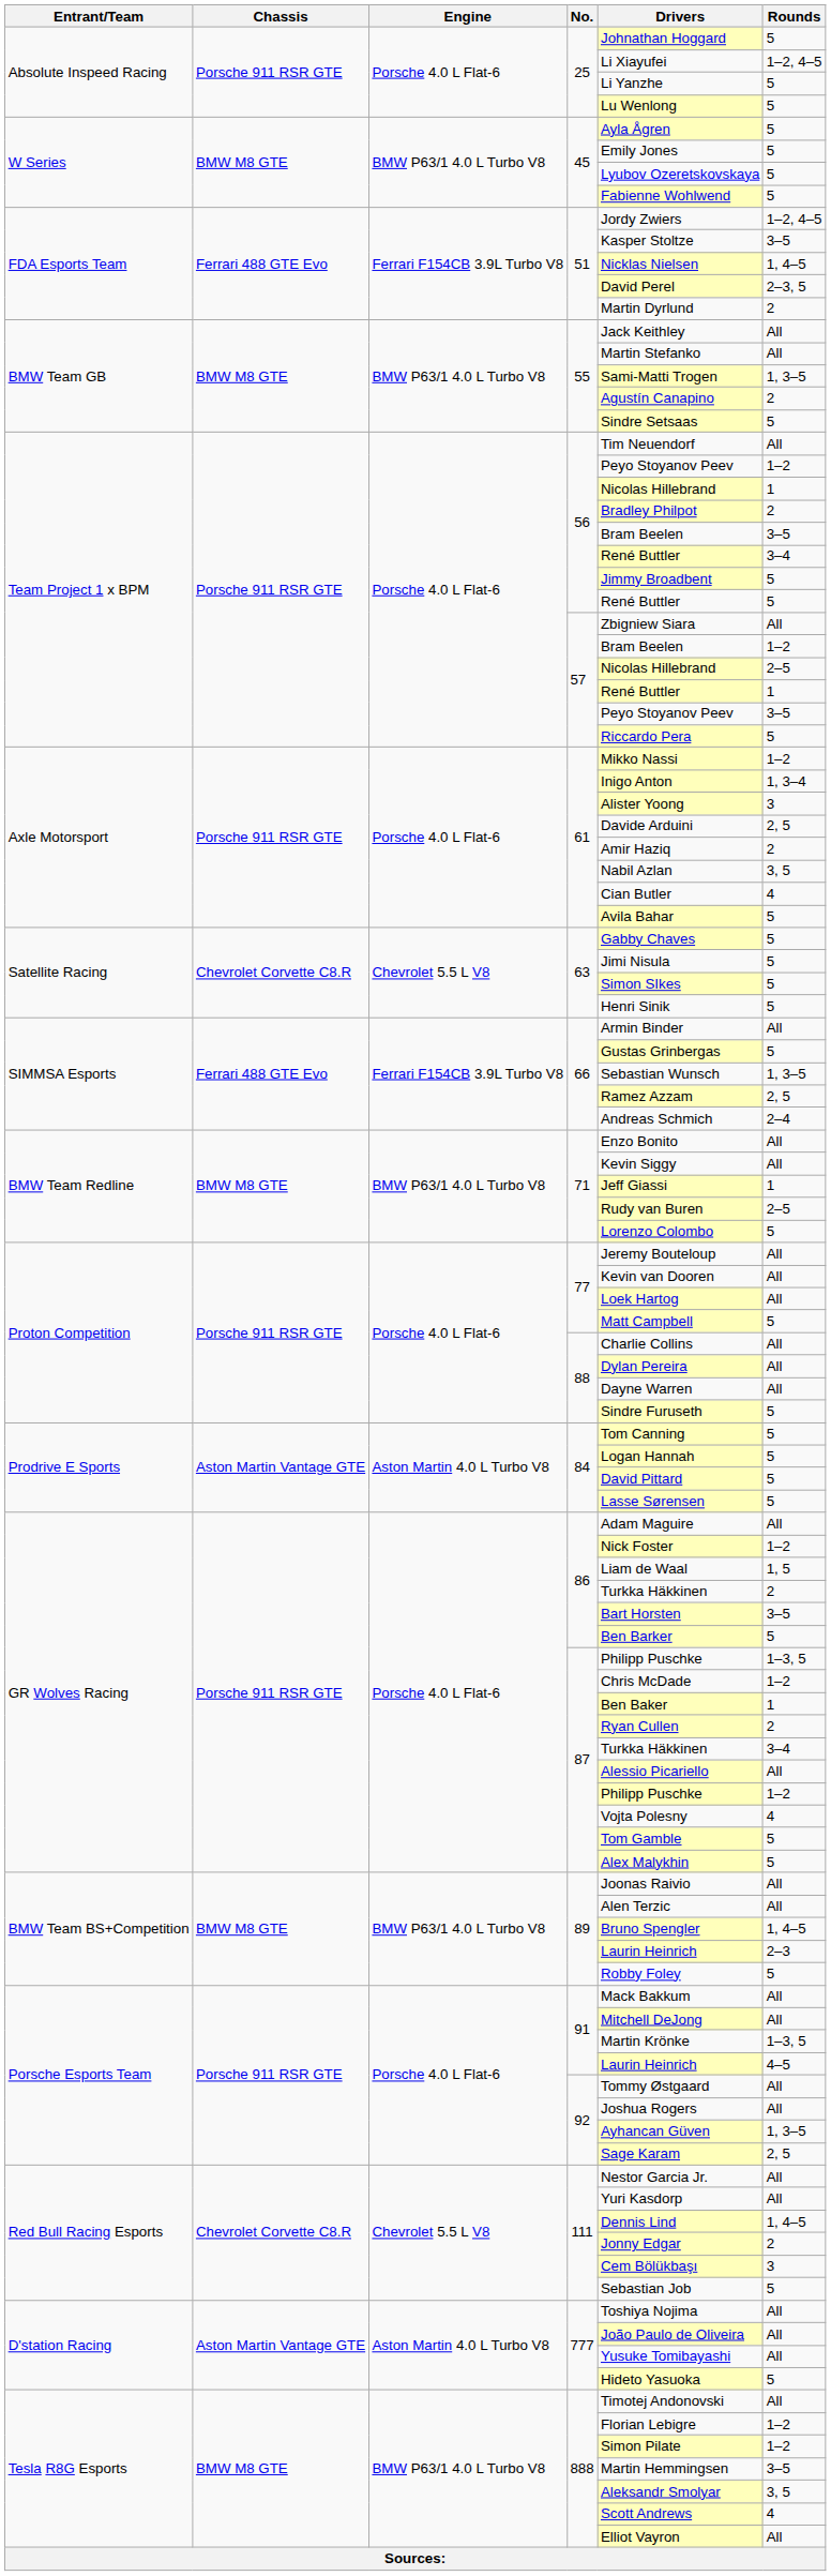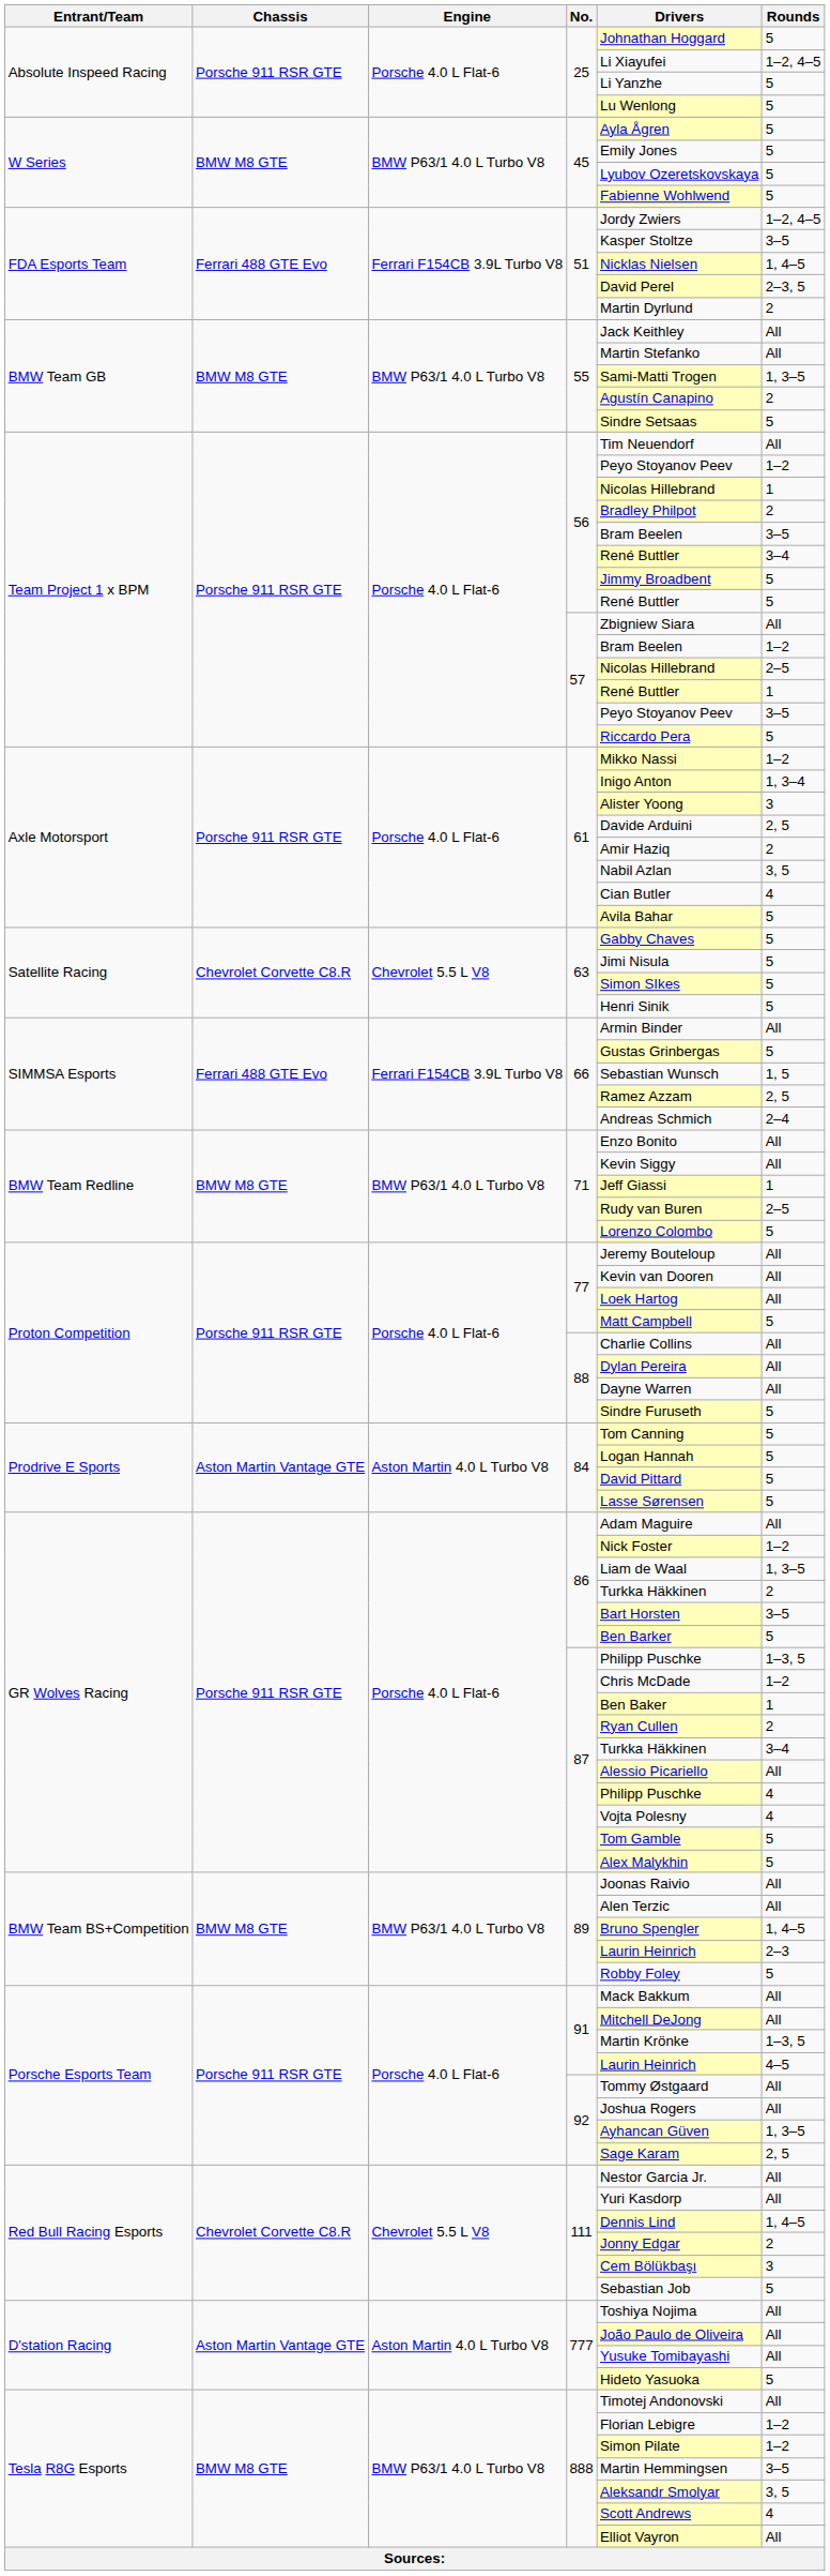 <table class="wikitable" style="font-size: 85%;">
 <tr>
 <th>Entrant/Team</th>
 <th>Chassis</th>
 <th>Engine</th>
 <th>No.</th>
 <th>Drivers</th>
 <th>Rounds</th>
 </tr>
 <tr>
 <td rowspan="4"> Absolute Inspeed Racing</td>
 <td rowspan="4"><a href='#'>Porsche 911 RSR GTE</a></td>
 <td rowspan="4"><a href='#'>Porsche</a> 4.0 L Flat-6</td>
 <td rowspan="4" align="center">25</td>
 <td style="background:#ffffbb;"> <a href='#'>Johnathan Hoggard</a></td>
 <td>5</td>
 </tr>
 <tr>
 <td> Li Xiayufei</td>
 <td>1–2, 4–5</td>
 </tr>
 <tr>
 <td> Li Yanzhe</td>
 <td>5</td>
 </tr>
 <tr>
 <td style="background:#ffffbb;"> Lu Wenlong</td>
 <td>5</td>
 </tr>
 <tr>
 <td rowspan="4"> <a href='#'>W Series</a></td>
 <td rowspan="4"><a href='#'>BMW M8 GTE</a></td>
 <td rowspan="4"><a href='#'>BMW</a> P63/1 4.0 L Turbo V8</td>
 <td rowspan="4" align="center">45</td>
 <td style="background:#ffffbb;"> <a href='#'>Ayla Ågren</a></td>
 <td>5</td>
 </tr>
 <tr>
 <td> Emily Jones</td>
 <td>5</td>
 </tr>
 <tr>
 <td> <a href='#'>Lyubov Ozeretskovskaya</a></td>
 <td>5</td>
 </tr>
 <tr>
 <td style="background:#ffffbb;"> <a href='#'>Fabienne Wohlwend</a></td>
 <td>5</td>
 </tr>
 <tr>
 <td rowspan="5"> <a href='#'>FDA Esports Team</a></td>
 <td rowspan="5"><a href='#'>Ferrari 488 GTE Evo</a></td>
 <td rowspan="5"><a href='#'>Ferrari F154CB</a> 3.9L Turbo V8</td>
 <td rowspan="5" align="center">51</td>
 <td> Jordy Zwiers</td>
 <td>1–2, 4–5</td>
 </tr>
 <tr>
 <td> Kasper Stoltze</td>
 <td>3–5</td>
 </tr>
 <tr>
 <td style="background:#ffffbb;"> <a href='#'>Nicklas Nielsen</a></td>
 <td>1, 4–5</td>
 </tr>
 <tr>
 <td style="background:#ffffbb;"> David Perel</td>
 <td>2–3, 5</td>
 </tr>
 <tr>
 <td> Martin Dyrlund</td>
 <td>2</td>
 </tr>
 <tr>
 <td rowspan="5"> <a href='#'>BMW</a> Team GB</td>
 <td rowspan="5"><a href='#'>BMW M8 GTE</a></td>
 <td rowspan="5"><a href='#'>BMW</a> P63/1 4.0 L Turbo V8</td>
 <td rowspan="5" align="center">55</td>
 <td> Jack Keithley</td>
 <td>All</td>
 </tr>
 <tr>
 <td> Martin Stefanko</td>
 <td>All</td>
 </tr>
 <tr>
 <td style="background:#ffffbb;"> Sami-Matti Trogen</td>
 <td>1, 3–5</td>
 </tr>
 <tr>
 <td style="background:#ffffbb;"> <a href='#'>Agustín Canapino</a></td>
 <td>2</td>
 </tr>
 <tr>
 <td style="background:#ffffbb;"> Sindre Setsaas</td>
 <td>5</td>
 </tr>
 <tr>
 <td rowspan="14"> <a href='#'>Team Project 1</a> x BPM</td>
 <td rowspan="14"><a href='#'>Porsche 911 RSR GTE</a></td>
 <td rowspan="14"><a href='#'>Porsche</a> 4.0 L Flat-6</td>
 <td rowspan="8" align="center">56</td>
 <td> Tim Neuendorf</td>
 <td>All</td>
 </tr>
 <tr>
 <td> Peyo Stoyanov Peev</td>
 <td>1–2</td>
 </tr>
 <tr>
 <td style="background:#ffffbb;"> Nicolas Hillebrand</td>
 <td>1</td>
 </tr>
 <tr>
 <td style="background:#ffffbb;"> <a href='#'>Bradley Philpot</a></td>
 <td>2</td>
 </tr>
 <tr>
 <td> Bram Beelen</td>
 <td>3–5</td>
 </tr>
 <tr>
 <td style="background:#ffffbb;"> René Buttler</td>
 <td>3–4</td>
 </tr>
 <tr>
 <td style="background:#ffffbb;"> <a href='#'>Jimmy Broadbent</a></td>
 <td>5</td>
 </tr>
 <tr>
 <td> René Buttler</td>
 <td>5</td>
 </tr>
 <tr>
 <td rowspan="6">57</td>
 <td> Zbigniew Siara</td>
 <td>All</td>
 </tr>
 <tr>
 <td> Bram Beelen</td>
 <td>1–2</td>
 </tr>
 <tr>
 <td style="background:#ffffbb;"> Nicolas Hillebrand</td>
 <td>2–5</td>
 </tr>
 <tr>
 <td style="background:#ffffbb;"> René Buttler</td>
 <td>1</td>
 </tr>
 <tr>
 <td> Peyo Stoyanov Peev</td>
 <td>3–5</td>
 </tr>
 <tr>
 <td style="background:#ffffbb;"> <a href='#'>Riccardo Pera</a></td>
 <td>5</td>
 </tr>
 <tr>
 <td rowspan="8"> Axle Motorsport</td>
 <td rowspan="8"><a href='#'>Porsche 911 RSR GTE</a></td>
 <td rowspan="8"><a href='#'>Porsche</a> 4.0 L Flat-6</td>
 <td rowspan="8" align="center">61</td>
 <td style="background:#ffffbb;"> Mikko Nassi</td>
 <td>1–2</td>
 </tr>
 <tr>
 <td style="background:#ffffbb;"> Inigo Anton</td>
 <td>1, 3–4</td>
 </tr>
 <tr>
 <td style="background:#ffffbb;"> Alister Yoong</td>
 <td>3</td>
 </tr>
 <tr>
 <td> Davide Arduini</td>
 <td>2, 5</td>
 </tr>
 <tr>
 <td> Amir Haziq</td>
 <td>2</td>
 </tr>
 <tr>
 <td> Nabil Azlan</td>
 <td>3, 5</td>
 </tr>
 <tr>
 <td> Cian Butler</td>
 <td>4</td>
 </tr>
 <tr>
 <td style="background:#ffffbb;"> Avila Bahar</td>
 <td>5</td>
 </tr>
 <tr>
 <td rowspan="4"> Satellite Racing</td>
 <td rowspan="4"><a href='#'>Chevrolet Corvette C8.R</a></td>
 <td rowspan="4"><a href='#'>Chevrolet</a> 5.5 L  <a href='#'>V8</a></td>
 <td rowspan="4"  align="center">63</td>
 <td style="background:#ffffbb;"> <a href='#'>Gabby Chaves</a></td>
 <td>5</td>
 </tr>
 <tr>
 <td> Jimi Nisula</td>
 <td>5</td>
 </tr>
 <tr>
 <td style="background:#ffffbb;"> <a href='#'>Simon SIkes</a></td>
 <td>5</td>
 </tr>
 <tr>
 <td> Henri Sinik</td>
 <td>5</td>
 </tr>
 <tr>
 <td rowspan="5"> SIMMSA Esports</td>
 <td rowspan="5"><a href='#'>Ferrari 488 GTE Evo</a></td>
 <td rowspan="5"><a href='#'>Ferrari F154CB</a> 3.9L Turbo V8</td>
 <td rowspan="5" align="center">66</td>
 <td> Armin Binder</td>
 <td>All</td>
 </tr>
 <tr>
 <td style="background:#ffffbb;"> Gustas Grinbergas</td>
 <td>5</td>
 </tr>
 <tr>
 <td> Sebastian Wunsch</td>
-<td>1, 3–5</td>
+<td>1, 5</td>
 </tr>
 <tr>
 <td style="background:#ffffbb;"> Ramez Azzam</td>
 <td>2, 5</td>
 </tr>
 <tr>
 <td> Andreas Schmich</td>
 <td>2–4</td>
 </tr>
 <tr>
 <td rowspan="5"> <a href='#'>BMW</a> Team Redline</td>
 <td rowspan="5"><a href='#'>BMW M8 GTE</a></td>
 <td rowspan="5"><a href='#'>BMW</a> P63/1 4.0 L Turbo V8</td>
 <td rowspan="5" align="center">71</td>
 <td> Enzo Bonito</td>
 <td>All</td>
 </tr>
 <tr>
 <td> Kevin Siggy</td>
 <td>All</td>
 </tr>
 <tr>
 <td style="background:#ffffbb;"> Jeff Giassi</td>
 <td>1</td>
 </tr>
 <tr>
 <td style="background:#ffffbb;"> Rudy van Buren</td>
 <td>2–5</td>
 </tr>
 <tr>
 <td style="background:#ffffbb;"> <a href='#'>Lorenzo Colombo</a></td>
 <td>5</td>
 </tr>
 <tr>
 <td rowspan="8"> <a href='#'>Proton Competition</a></td>
 <td rowspan="8"><a href='#'>Porsche 911 RSR GTE</a></td>
 <td rowspan="8"><a href='#'>Porsche</a> 4.0 L Flat-6</td>
 <td rowspan="4" align="center">77</td>
 <td> Jeremy Bouteloup</td>
 <td>All</td>
 </tr>
 <tr>
 <td> Kevin van Dooren</td>
 <td>All</td>
 </tr>
 <tr>
 <td style="background:#ffffbb;"> <a href='#'>Loek Hartog</a></td>
 <td>All</td>
 </tr>
 <tr>
 <td style="background:#ffffbb;"> <a href='#'>Matt Campbell</a></td>
 <td>5</td>
 </tr>
 <tr>
 <td rowspan="4" align="center">88</td>
 <td> Charlie Collins</td>
 <td>All</td>
 </tr>
 <tr>
 <td style="background:#ffffbb;"> <a href='#'>Dylan Pereira</a></td>
 <td>All</td>
 </tr>
 <tr>
 <td> Dayne Warren</td>
 <td>All</td>
 </tr>
 <tr>
 <td style="background:#ffffbb;"> Sindre Furuseth</td>
 <td>5</td>
 </tr>
 <tr>
 <td rowspan="4"> <a href='#'>Prodrive E Sports</a></td>
 <td rowspan="4"><a href='#'>Aston Martin Vantage GTE</a></td>
 <td rowspan="4"><a href='#'>Aston Martin</a> 4.0 L Turbo V8</td>
 <td rowspan="4" align="center">84</td>
 <td style="background:#ffffbb;"> Tom Canning</td>
 <td>5</td>
 </tr>
 <tr>
 <td style="background:#ffffbb;"> Logan Hannah</td>
 <td>5</td>
 </tr>
 <tr>
 <td style="background:#ffffbb;"> <a href='#'>David Pittard</a></td>
 <td>5</td>
 </tr>
 <tr>
 <td style="background:#ffffbb;"> <a href='#'>Lasse Sørensen</a></td>
 <td>5</td>
 </tr>
 <tr>
 <td rowspan="16"> GR <a href='#'>Wolves</a> Racing</td>
 <td rowspan="16"><a href='#'>Porsche 911 RSR GTE</a></td>
 <td rowspan="16"><a href='#'>Porsche</a> 4.0 L Flat-6</td>
 <td rowspan="6" align="center">86</td>
 <td> Adam Maguire</td>
 <td>All</td>
 </tr>
 <tr>
 <td style="background:#ffffbb;"> Nick Foster</td>
 <td>1–2</td>
 </tr>
 <tr>
 <td> Liam de Waal</td>
-<td>1, 5</td>
+<td>1, 3–5</td>
 </tr>
 <tr>
 <td> Turkka Häkkinen</td>
 <td>2</td>
 </tr>
 <tr>
 <td style="background:#ffffbb;"> <a href='#'>Bart Horsten</a></td>
 <td>3–5</td>
 </tr>
 <tr>
 <td style="background:#ffffbb;"> <a href='#'>Ben Barker</a></td>
 <td>5</td>
 </tr>
 <tr>
 <td rowspan="10" align="center">87</td>
 <td> Philipp Puschke</td>
 <td>1–3, 5</td>
 </tr>
 <tr>
 <td> Chris McDade</td>
 <td>1–2</td>
 </tr>
 <tr>
 <td style="background:#ffffbb;"> Ben Baker</td>
 <td>1</td>
 </tr>
 <tr>
 <td style="background:#ffffbb;"> <a href='#'>Ryan Cullen</a></td>
 <td>2</td>
 </tr>
 <tr>
 <td> Turkka Häkkinen</td>
 <td>3–4</td>
 </tr>
 <tr>
 <td style="background:#ffffbb;"> <a href='#'>Alessio Picariello</a></td>
 <td>All</td>
 </tr>
 <tr>
 <td style="background:#ffffbb;"> Philipp Puschke</td>
-<td>1–2</td>
+<td>4</td>
 </tr>
 <tr>
 <td> Vojta Polesny</td>
 <td>4</td>
 </tr>
 <tr>
 <td style="background:#ffffbb;"> <a href='#'>Tom Gamble</a></td>
 <td>5</td>
 </tr>
 <tr>
 <td style="background:#ffffbb;"> <a href='#'>Alex Malykhin</a></td>
 <td>5</td>
 </tr>
 <tr>
 <td rowspan="5"> <a href='#'>BMW</a> Team BS+Competition</td>
 <td rowspan="5"><a href='#'>BMW M8 GTE</a></td>
 <td rowspan="5"><a href='#'>BMW</a> P63/1 4.0 L Turbo V8</td>
 <td rowspan="5" align="center">89</td>
 <td> Joonas Raivio</td>
 <td>All</td>
 </tr>
 <tr>
 <td> Alen Terzic</td>
 <td>All</td>
 </tr>
 <tr>
 <td style="background:#ffffbb;"> <a href='#'>Bruno Spengler</a></td>
 <td>1, 4–5</td>
 </tr>
 <tr>
 <td style="background:#ffffbb;"> <a href='#'>Laurin Heinrich</a></td>
 <td>2–3</td>
 </tr>
 <tr>
 <td> <a href='#'>Robby Foley</a></td>
 <td>5</td>
 </tr>
 <tr>
 <td rowspan="8"> <a href='#'>Porsche Esports Team</a></td>
 <td rowspan="8"><a href='#'>Porsche 911 RSR GTE</a></td>
 <td rowspan="8"><a href='#'>Porsche</a> 4.0 L Flat-6</td>
 <td rowspan="4" align="center">91</td>
 <td> Mack Bakkum</td>
 <td>All</td>
 </tr>
 <tr>
 <td style="background:#ffffbb;"> <a href='#'>Mitchell DeJong</a></td>
 <td>All</td>
 </tr>
 <tr>
 <td> Martin Krönke</td>
 <td>1–3, 5</td>
 </tr>
 <tr>
 <td style="background:#ffffbb;"> <a href='#'>Laurin Heinrich</a></td>
 <td>4–5</td>
 </tr>
 <tr>
 <td rowspan="4" align="center">92</td>
 <td> Tommy Østgaard</td>
 <td>All</td>
 </tr>
 <tr>
 <td> Joshua Rogers</td>
 <td>All</td>
 </tr>
 <tr>
 <td style="background:#ffffbb;"> <a href='#'>Ayhancan Güven</a></td>
 <td>1, 3–5</td>
 </tr>
 <tr>
 <td style="background:#ffffbb;"> <a href='#'>Sage Karam</a></td>
 <td>2, 5</td>
 </tr>
 <tr>
 <td rowspan="6"> <a href='#'>Red Bull Racing</a> Esports</td>
 <td rowspan="6"><a href='#'>Chevrolet Corvette C8.R</a></td>
 <td rowspan="6"><a href='#'>Chevrolet</a> 5.5 L  <a href='#'>V8</a></td>
 <td rowspan="6" align="center">111</td>
 <td> Nestor Garcia Jr.</td>
 <td>All</td>
 </tr>
 <tr>
 <td> Yuri Kasdorp</td>
 <td>All</td>
 </tr>
 <tr>
 <td style="background:#ffffbb;"> <a href='#'>Dennis Lind</a></td>
 <td>1, 4–5</td>
 </tr>
 <tr>
 <td style="background:#ffffbb;"> <a href='#'>Jonny Edgar</a></td>
 <td>2</td>
 </tr>
 <tr>
 <td style="background:#ffffbb;"> <a href='#'>Cem Bölükbaşı</a></td>
 <td>3</td>
 </tr>
 <tr>
 <td> Sebastian Job</td>
 <td>5</td>
 </tr>
 <tr>
 <td rowspan="4"> <a href='#'>D'station Racing</a></td>
 <td rowspan="4"><a href='#'>Aston Martin Vantage GTE</a></td>
 <td rowspan="4"><a href='#'>Aston Martin</a> 4.0 L Turbo V8</td>
 <td rowspan="4" align="center">777</td>
 <td> Toshiya Nojima</td>
 <td>All</td>
 </tr>
 <tr>
 <td style="background:#ffffbb;"> <a href='#'>João Paulo de Oliveira</a></td>
 <td>All</td>
 </tr>
 <tr>
 <td> <a href='#'>Yusuke Tomibayashi</a></td>
 <td>All</td>
 </tr>
 <tr>
 <td style="background:#ffffbb;"> Hideto Yasuoka</td>
 <td>5</td>
 </tr>
 <tr>
 <td rowspan="7"> <a href='#'>Tesla</a> <a href='#'>R8G</a> Esports</td>
 <td rowspan="7"><a href='#'>BMW M8 GTE</a></td>
 <td rowspan="7"><a href='#'>BMW</a> P63/1 4.0 L Turbo V8</td>
 <td rowspan="7" align="center">888</td>
 <td> Timotej Andonovski</td>
 <td>All</td>
 </tr>
 <tr>
 <td> Florian Lebigre</td>
 <td>1–2</td>
 </tr>
 <tr>
 <td style="background:#ffffbb;"> Simon Pilate</td>
 <td>1–2</td>
 </tr>
 <tr>
 <td> Martin Hemmingsen</td>
 <td>3–5</td>
 </tr>
 <tr>
 <td style="background:#ffffbb;"> <a href='#'>Aleksandr Smolyar</a></td>
 <td>3, 5</td>
 </tr>
 <tr>
 <td style="background:#ffffbb;"> <a href='#'>Scott Andrews</a></td>
 <td>4</td>
 </tr>
 <tr>
 <td style="background:#ffffbb;"> Elliot Vayron</td>
 <td>All</td>
 </tr>
 <tr>
 <th colspan="9">Sources:</th>
 </tr>
 </table>
